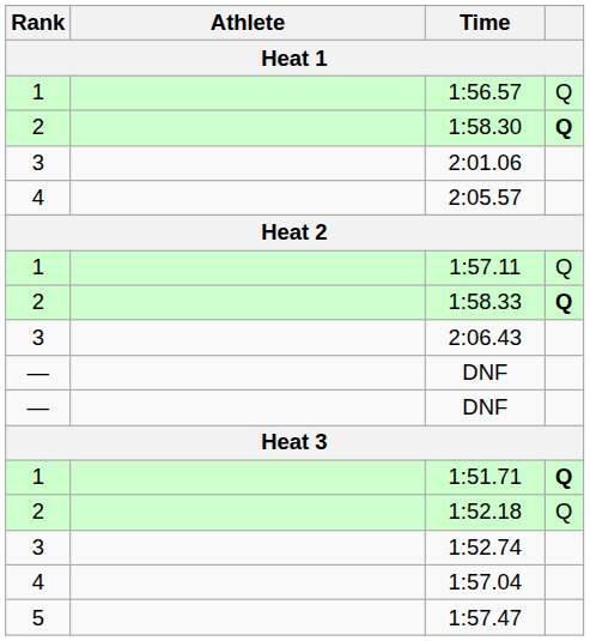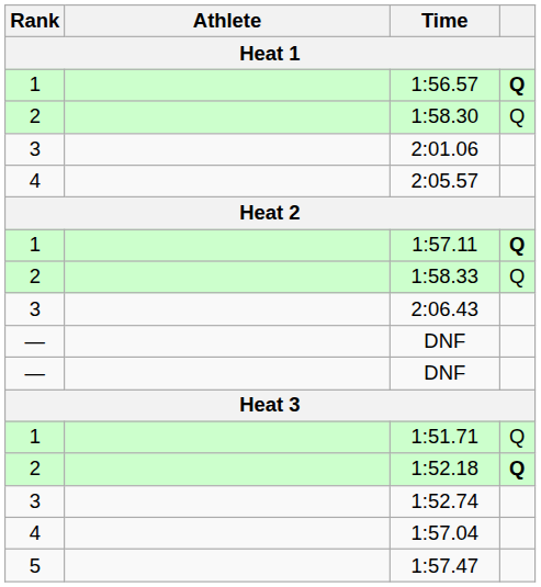 <table class=wikitable style="text-align:center">
 <tr>
 <th width=40>Rank</th>
 <th width=250>Athlete</th>
 <th width=80>Time</th>
 <th width=20></th>
 </tr>
 <tr>
 <th colspan=4>Heat 1</th>
 </tr>
 <tr bgcolor="ccffcc">
 <td>1</td>
 <td align=left></td>
 <td>1:56.57</td>
-<td>Q</td>
+<td><strong>Q</strong></td>
 </tr>
 <tr bgcolor="ccffcc">
 <td>2</td>
 <td align=left></td>
 <td>1:58.30</td>
-<td><strong>Q</strong></td>
+<td>Q</td>
 </tr>
 <tr>
 <td>3</td>
 <td align=left></td>
 <td>2:01.06</td>
 <td></td>
 </tr>
 <tr>
 <td>4</td>
 <td align=left></td>
 <td>2:05.57</td>
 <td></td>
 </tr>
 <tr>
 <th colspan=4>Heat 2</th>
 </tr>
 <tr bgcolor="ccffcc">
 <td>1</td>
 <td align=left></td>
 <td>1:57.11</td>
-<td>Q</td>
+<td><strong>Q</strong></td>
 </tr>
 <tr bgcolor="ccffcc">
 <td>2</td>
 <td align=left></td>
 <td>1:58.33</td>
-<td><strong>Q</strong></td>
+<td>Q</td>
 </tr>
 <tr>
 <td>3</td>
 <td align=left></td>
 <td>2:06.43</td>
 <td></td>
 </tr>
 <tr>
 <td>—</td>
 <td align=left></td>
 <td>DNF</td>
 <td></td>
 </tr>
 <tr>
 <td>—</td>
 <td align=left></td>
 <td>DNF</td>
 <td></td>
 </tr>
 <tr>
 <th colspan=4>Heat 3</th>
 </tr>
 <tr bgcolor="ccffcc">
 <td>1</td>
 <td align=left></td>
 <td>1:51.71</td>
-<td><strong>Q</strong></td>
+<td>Q</td>
 </tr>
 <tr bgcolor="ccffcc">
 <td>2</td>
 <td align=left></td>
 <td>1:52.18</td>
-<td>Q</td>
+<td><strong>Q</strong></td>
 </tr>
 <tr>
 <td>3</td>
 <td align=left></td>
 <td>1:52.74</td>
 <td></td>
 </tr>
 <tr>
 <td>4</td>
 <td align=left></td>
 <td>1:57.04</td>
 <td></td>
 </tr>
 <tr>
 <td>5</td>
 <td align=left></td>
 <td>1:57.47</td>
 <td></td>
 </tr>
 </table>
